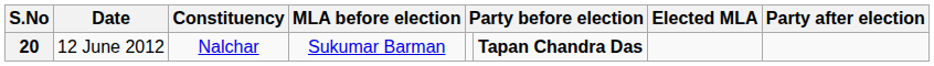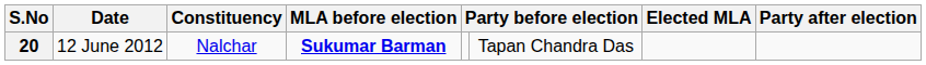 <table class="wikitable sortable" style="text-align:center;">
 <tr>
 <th>S.No</th>
 <th>Date</th>
 <th>Constituency</th>
 <th>MLA before election</th>
 <th colspan="2">Party before election</th>
 <th>Elected MLA</th>
 <th colspan="2">Party after election</th>
 </tr>
 <tr>
 <th>20</th>
 <td>12 June 2012</td>
 <td><a href='#'>Nalchar</a></td>
-<td><a href='#'>Sukumar Barman</a></td>
+<td><strong><a href='#'>Sukumar Barman</a></strong></td>
 <td></td>
-<td><strong>Tapan Chandra Das</strong></td>
+<td>Tapan Chandra Das</td>
 <td></td>
 </tr>
 </table>
